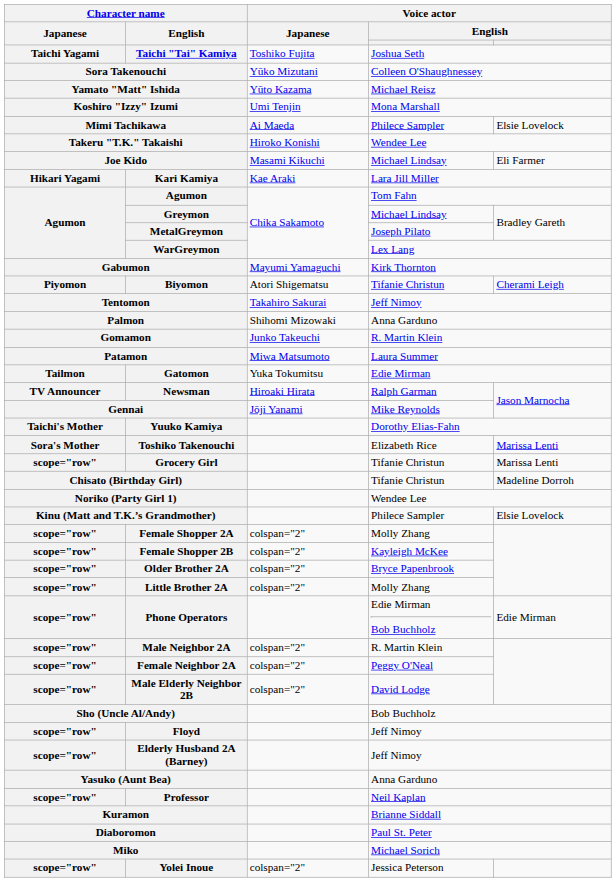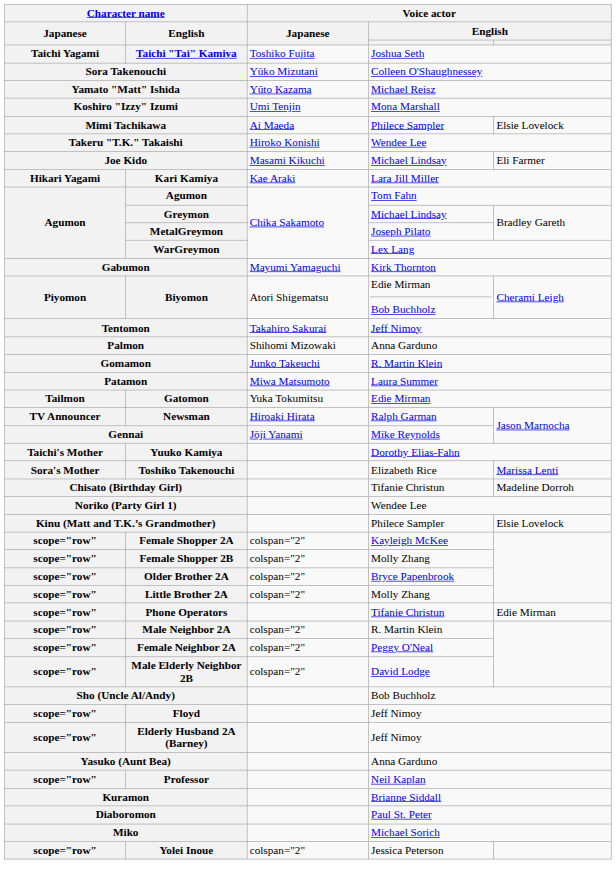 <table class="wikitable plainrowheaders">
 <tr>
 <th colspan="2"><a href='#'>Character name</a></th>
 <th colspan="3">Voice actor</th>
 </tr>
 <tr>
 <th rowspan="2"  width="20%">Japanese</th>
 <th rowspan="2"  width="20%">English</th>
 <th rowspan="2"  width="20%">Japanese</th>
 <th colspan="2"  width="40%">English</th>
 </tr>
 <tr>
 <th></th>
 <th></th>
 </tr>
 <tr>
 <th scope="row">Taichi Yagami</th>
 <th scope="row"><a href='#'>Taichi "Tai" Kamiya</a></th>
 <td><a href='#'>Toshiko Fujita</a></td>
 <td colspan="2"><a href='#'>Joshua Seth</a></td>
 </tr>
 <tr>
 <th scope="row" colspan="2">Sora Takenouchi</th>
 <td><a href='#'>Yūko Mizutani</a></td>
 <td colspan="2"><a href='#'>Colleen O'Shaughnessey</a></td>
 </tr>
 <tr>
 <th scope="row" colspan="2">Yamato "Matt" Ishida</th>
 <td><a href='#'>Yūto Kazama</a></td>
 <td colspan="2"><a href='#'>Michael Reisz</a></td>
 </tr>
 <tr>
 <th scope="row" colspan="2">Koshiro "Izzy" Izumi</th>
 <td><a href='#'>Umi Tenjin</a></td>
 <td colspan="2"><a href='#'>Mona Marshall</a></td>
 </tr>
 <tr>
 <th scope="row" colspan="2">Mimi Tachikawa</th>
 <td><a href='#'>Ai Maeda</a></td>
 <td><a href='#'>Philece Sampler</a></td>
 <td>Elsie Lovelock</td>
 </tr>
 <tr>
 <th scope="row" colspan="2">Takeru "T.K." Takaishi</th>
 <td><a href='#'>Hiroko Konishi</a></td>
 <td colspan="2"><a href='#'>Wendee Lee</a></td>
 </tr>
 <tr>
 <th scope="row" colspan="2">Joe Kido</th>
 <td><a href='#'>Masami Kikuchi</a></td>
 <td><a href='#'>Michael Lindsay</a></td>
 <td>Eli Farmer</td>
 </tr>
 <tr>
 <th scope="row">Hikari Yagami</th>
 <th scope="row">Kari Kamiya</th>
 <td><a href='#'>Kae Araki</a></td>
 <td colspan="2"><a href='#'>Lara Jill Miller</a></td>
 </tr>
 <tr>
 <th scope="row" rowspan="4">Agumon</th>
 <th scope="row">Agumon</th>
 <td rowspan="4"><a href='#'>Chika Sakamoto</a></td>
 <td colspan="2"><a href='#'>Tom Fahn</a></td>
 </tr>
 <tr>
 <th scope="row">Greymon</th>
 <td><a href='#'>Michael Lindsay</a></td>
 <td rowspan="2">Bradley Gareth</td>
 </tr>
 <tr>
 <th scope="row">MetalGreymon</th>
 <td><a href='#'>Joseph Pilato</a></td>
 </tr>
 <tr>
 <th scope="row">WarGreymon</th>
 <td colspan="2"><a href='#'>Lex Lang</a></td>
 </tr>
 <tr>
 <th scope="row" colspan="2">Gabumon</th>
 <td><a href='#'>Mayumi Yamaguchi</a></td>
 <td colspan="2"><a href='#'>Kirk Thornton</a></td>
 </tr>
 <tr>
 <th scope="row">Piyomon</th>
 <th scope="row">Biyomon</th>
 <td>Atori Shigematsu</td>
-<td><a href='#'>Tifanie Christun</a></td>
+<td>Edie Mirman <hr><a href='#'>Bob Buchholz</a> </td>
 <td><a href='#'>Cherami Leigh</a></td>
 </tr>
 <tr>
 <th scope="row" colspan="2">Tentomon</th>
 <td><a href='#'>Takahiro Sakurai</a></td>
 <td colspan="2"><a href='#'>Jeff Nimoy</a></td>
 </tr>
 <tr>
 <th scope="row" colspan="2">Palmon</th>
 <td>Shihomi Mizowaki</td>
 <td colspan="2">Anna Garduno</td>
 </tr>
 <tr>
 <th scope="row" colspan="2">Gomamon</th>
 <td><a href='#'>Junko Takeuchi</a></td>
 <td colspan="2"><a href='#'>R. Martin Klein</a></td>
 </tr>
 <tr>
 <th scope="row" colspan="2">Patamon</th>
 <td><a href='#'>Miwa Matsumoto</a></td>
 <td colspan="2"><a href='#'>Laura Summer</a></td>
 </tr>
 <tr>
 <th scope="row">Tailmon</th>
 <th scope="row">Gatomon</th>
 <td>Yuka Tokumitsu</td>
 <td colspan="2"><a href='#'>Edie Mirman</a></td>
 </tr>
 <tr>
 <th scope="row">TV Announcer</th>
 <th scope="row">Newsman</th>
 <td><a href='#'>Hiroaki Hirata</a></td>
 <td><a href='#'>Ralph Garman</a></td>
 <td rowspan="2"><a href='#'>Jason Marnocha</a></td>
 </tr>
 <tr>
 <th scope="row" colspan="2">Gennai</th>
 <td><a href='#'>Jōji Yanami</a></td>
 <td><a href='#'>Mike Reynolds</a></td>
 </tr>
 <tr>
 <th scope="row">Taichi's Mother</th>
 <th scope="row">Yuuko Kamiya</th>
 <td></td>
 <td colspan="2"><a href='#'>Dorothy Elias-Fahn</a></td>
 </tr>
 <tr>
 <th scope="row">Sora's Mother</th>
 <th scope="row">Toshiko Takenouchi</th>
 <td></td>
 <td>Elizabeth Rice</td>
 <td><a href='#'>Marissa Lenti</a></td>
 </tr>
 <tr>
-<th>scope="row" </th>
-<th scope="row">Grocery Girl</th>
-<td></td>
-<td>Tifanie Christun</td>
-<td>Marissa Lenti</td>
-</tr>
-<tr>
 <th scope="row" colspan="2">Chisato (Birthday Girl)</th>
 <td></td>
 <td>Tifanie Christun</td>
 <td>Madeline Dorroh</td>
 </tr>
 <tr>
 <th scope="row" colspan="2">Noriko (Party Girl 1)</th>
 <td></td>
 <td colspan="2">Wendee Lee</td>
 </tr>
 <tr>
 <th scope="row" colspan="2">Kinu (Matt and T.K.’s Grandmother)</th>
 <td></td>
 <td>Philece Sampler</td>
 <td>Elsie Lovelock</td>
 </tr>
 <tr>
 <th>scope="row" </th>
 <th scope="row">Female Shopper 2A</th>
 <td>colspan="2" </td>
-<td>Molly Zhang</td>
+<td><a href='#'>Kayleigh McKee</a></td>
 </tr>
 <tr>
 <th>scope="row" </th>
 <th scope="row">Female Shopper 2B</th>
 <td>colspan="2" </td>
-<td><a href='#'>Kayleigh McKee</a></td>
+<td>Molly Zhang</td>
 </tr>
 <tr>
 <th>scope="row" </th>
 <th scope="row">Older Brother 2A</th>
 <td>colspan="2" </td>
 <td><a href='#'>Bryce Papenbrook</a></td>
 </tr>
 <tr>
 <th>scope="row" </th>
 <th scope="row">Little Brother 2A</th>
 <td>colspan="2" </td>
 <td>Molly Zhang</td>
 </tr>
 <tr>
 <th>scope="row" </th>
 <th scope="row">Phone Operators</th>
 <td></td>
-<td>Edie Mirman <hr><a href='#'>Bob Buchholz</a> </td>
+<td><a href='#'>Tifanie Christun</a></td>
 <td>Edie Mirman </td>
 </tr>
 <tr>
 <th>scope="row" </th>
 <th scope="row">Male Neighbor 2A</th>
 <td>colspan="2" </td>
 <td>R. Martin Klein</td>
 </tr>
 <tr>
 <th>scope="row" </th>
 <th scope="row">Female Neighbor 2A</th>
 <td>colspan="2" </td>
 <td><a href='#'>Peggy O'Neal</a></td>
 </tr>
 <tr>
 <th>scope="row" </th>
 <th scope="row">Male Elderly Neighbor 2B</th>
 <td>colspan="2" </td>
 <td><a href='#'>David Lodge</a></td>
 </tr>
 <tr>
 <th scope="row" colspan="2">Sho (Uncle Al/Andy)</th>
 <td></td>
 <td colspan="2">Bob Buchholz</td>
 </tr>
 <tr>
 <th>scope="row" </th>
 <th scope="row">Floyd</th>
 <td></td>
 <td colspan="2">Jeff Nimoy</td>
 </tr>
 <tr>
 <th>scope="row" </th>
 <th scope="row">Elderly Husband 2A (Barney)</th>
 <td></td>
 <td colspan="2">Jeff Nimoy</td>
 </tr>
 <tr>
 <th scope="row" colspan="2">Yasuko (Aunt Bea)</th>
 <td></td>
 <td colspan="2">Anna Garduno</td>
 </tr>
 <tr>
 <th>scope="row" </th>
 <th scope="row">Professor</th>
 <td></td>
 <td colspan="2"><a href='#'>Neil Kaplan</a></td>
 </tr>
 <tr>
 <th scope="row" colspan="2">Kuramon</th>
 <td></td>
 <td colspan="2"><a href='#'>Brianne Siddall</a></td>
 </tr>
 <tr>
 <th scope="row" colspan="2">Diaboromon</th>
 <td></td>
 <td colspan="2"><a href='#'>Paul St. Peter</a></td>
 </tr>
 <tr>
 <th scope="row" colspan="2">Miko</th>
 <td></td>
 <td colspan="2"><a href='#'>Michael Sorich</a></td>
 </tr>
 <tr>
 <th>scope="row" </th>
 <th scope="row">Yolei Inoue</th>
 <td>colspan="2" </td>
 <td>Jessica Peterson</td>
 </tr>
 </table>
